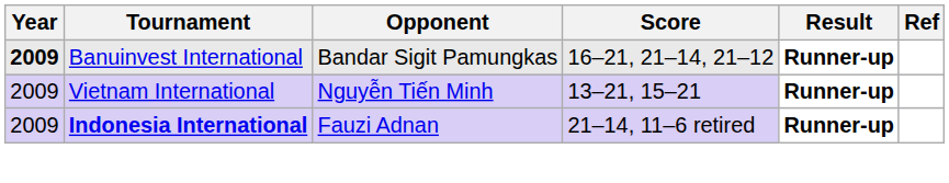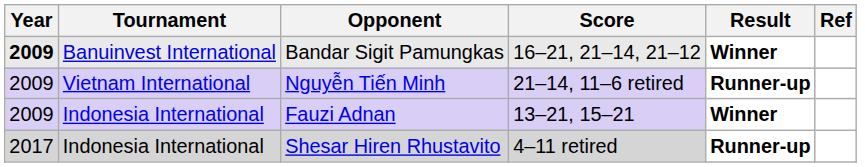 <table class="sortable wikitable" style="font-size: 90%">
 <tr>
 <th>Year</th>
 <th>Tournament</th>
 <th>Opponent</th>
 <th>Score</th>
 <th>Result</th>
 <th>Ref</th>
 </tr>
 <tr style="background:#E9E9E9">
 <td align="center"><strong>2009</strong></td>
 <td align="left"><a href='#'>Banuinvest International</a></td>
 <td align="left"> Bandar Sigit Pamungkas</td>
 <td align="left">16–21, 21–14, 21–12</td>
-<td style="text-align:left; background:white"> <strong>Runner-up</strong></td>
+<td style="text-align:left; background:white"> <strong>Winner</strong></td>
 <td style="text-align:center; background:white"></td>
 </tr>
 <tr style="background:#d8cef6">
 <td align="center">2009</td>
 <td align="left"><a href='#'>Vietnam International</a></td>
 <td align="left"> <a href='#'>Nguyễn Tiến Minh</a></td>
-<td align="left">13–21, 15–21</td>
+<td align="left">21–14, 11–6 retired</td>
 <td style="text-align:left; background:white"> <strong>Runner-up</strong></td>
 <td style="text-align:center; background:white"></td>
 </tr>
 <tr style="background:#d8cef6">
 <td align="center">2009</td>
-<td align="left"><strong><a href='#'>Indonesia International</a></strong></td>
+<td align="left"><a href='#'>Indonesia International</a></td>
 <td align="left"> <a href='#'>Fauzi Adnan</a></td>
-<td align="left">21–14, 11–6 retired</td>
+<td align="left">13–21, 15–21</td>
+<td style="text-align:left; background:white"> <strong>Winner</strong></td>
+<td style="text-align:center; background:white"></td>
+</tr>
+<tr style="background:#D5D5D5">
+<td align="center">2017</td>
+<td align="left">Indonesia International</td>
+<td align="left"> <a href='#'>Shesar Hiren Rhustavito</a></td>
+<td align="left">4–11 retired</td>
 <td style="text-align:left; background:white"> <strong>Runner-up</strong></td>
 <td style="text-align:center; background:white"></td>
 </tr>
 </table>
